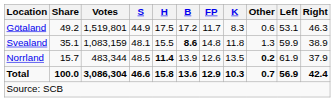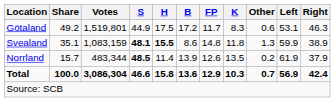 <table class="wikitable sortable" style=text-align:right>
 <tr>
 <th>Location</th>
 <th>Share</th>
 <th>Votes</th>
 <th><a href='#'>S</a></th>
 <th><a href='#'>H</a></th>
 <th><a href='#'>B</a></th>
 <th><a href='#'>FP</a></th>
 <th><a href='#'>K</a></th>
 <th>Other</th>
 <th>Left</th>
 <th>Right</th>
 </tr>
 <tr>
 <td align=left><a href='#'>Götaland</a></td>
 <td>49.2</td>
 <td>1,519,801</td>
 <td>44.9</td>
 <td>17.5</td>
 <td>17.2</td>
 <td>11.7</td>
 <td>8.3</td>
 <td>0.6</td>
 <td>53.1</td>
 <td>46.3</td>
 </tr>
 <tr>
 <td align=left><a href='#'>Svealand</a></td>
 <td>35.1</td>
 <td>1,083,159</td>
-<td>48.1</td>
-<td>15.5</td>
-<td><strong>8.6</strong></td>
+<td><strong>48.1</strong></td>
+<td><strong>15.5</strong></td>
+<td>8.6</td>
 <td>14.8</td>
 <td>11.8</td>
 <td>1.3</td>
 <td>59.9</td>
 <td>38.9</td>
 </tr>
 <tr>
 <td align=left><a href='#'>Norrland</a></td>
 <td>15.7</td>
 <td>483,344</td>
-<td>48.5</td>
-<td><strong>11.4</strong></td>
+<td><strong>48.5</strong></td>
+<td>11.4</td>
 <td>13.9</td>
 <td>12.6</td>
 <td>13.5</td>
-<td><strong>0.2</strong></td>
+<td>0.2</td>
 <td>61.9</td>
 <td>37.9</td>
 </tr>
 <tr>
 <td align=left><strong>Total</strong></td>
 <td><strong>100.0</strong></td>
 <td><strong>3,086,304</strong></td>
 <td><strong>46.6</strong></td>
 <td><strong>15.8</strong></td>
 <td><strong>13.6</strong></td>
 <td><strong>12.9</strong></td>
 <td><strong>10.3</strong></td>
 <td><strong>0.7</strong></td>
 <td><strong>56.9</strong></td>
 <td><strong>42.4</strong></td>
 </tr>
 <tr>
 <td align=left colspan=11>Source: SCB </td>
 </tr>
 </table>
